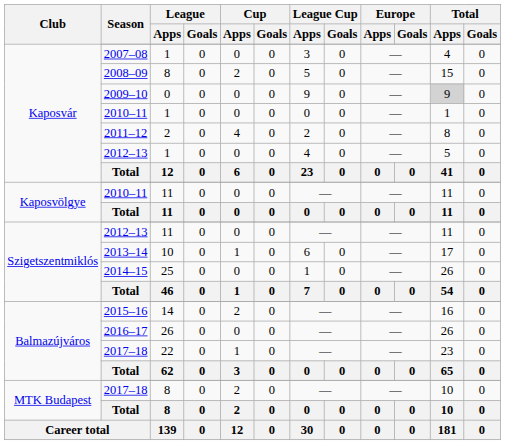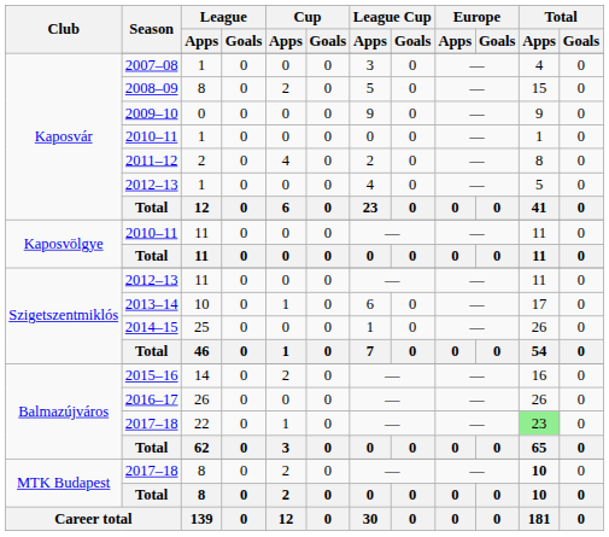 <table class="wikitable" style="text-align: center;">
 <tr>
 <th rowspan="2">Club</th>
 <th rowspan="2">Season</th>
 <th colspan="2">League</th>
 <th colspan="2">Cup</th>
 <th colspan="2">League Cup</th>
 <th colspan="2">Europe</th>
 <th colspan="2">Total</th>
 </tr>
 <tr>
 <th>Apps</th>
 <th>Goals</th>
 <th>Apps</th>
 <th>Goals</th>
 <th>Apps</th>
 <th>Goals</th>
 <th>Apps</th>
 <th>Goals</th>
 <th>Apps</th>
 <th>Goals</th>
 </tr>
 <tr>
 <td rowspan="8"><a href='#'>Kaposvár</a></td>
 </tr>
 <tr>
 <td><a href='#'>2007–08</a></td>
 <td>1</td>
 <td>0</td>
 <td>0</td>
 <td>0</td>
 <td>3</td>
 <td>0</td>
 <td colspan="2">—</td>
 <td>4</td>
 <td>0</td>
 </tr>
 <tr>
 <td><a href='#'>2008–09</a></td>
 <td>8</td>
 <td>0</td>
 <td>2</td>
 <td>0</td>
 <td>5</td>
 <td>0</td>
 <td colspan="2">—</td>
 <td>15</td>
 <td>0</td>
 </tr>
 <tr>
 <td><a href='#'>2009–10</a></td>
 <td>0</td>
 <td>0</td>
 <td>0</td>
 <td>0</td>
 <td>9</td>
 <td>0</td>
 <td colspan="2">—</td>
-<td style="background: lightgrey;">9</td>
+<td>9</td>
 <td>0</td>
 </tr>
 <tr>
 <td><a href='#'>2010–11</a></td>
 <td>1</td>
 <td>0</td>
 <td>0</td>
 <td>0</td>
 <td>0</td>
 <td>0</td>
 <td colspan="2">—</td>
 <td>1</td>
 <td>0</td>
 </tr>
 <tr>
 <td><a href='#'>2011–12</a></td>
 <td>2</td>
 <td>0</td>
 <td>4</td>
 <td>0</td>
 <td>2</td>
 <td>0</td>
 <td colspan="2">—</td>
 <td>8</td>
 <td>0</td>
 </tr>
 <tr>
 <td><a href='#'>2012–13</a></td>
 <td>1</td>
 <td>0</td>
 <td>0</td>
 <td>0</td>
 <td>4</td>
 <td>0</td>
 <td colspan="2">—</td>
 <td>5</td>
 <td>0</td>
 </tr>
 <tr>
 <th>Total</th>
 <th>12</th>
 <th>0</th>
 <th>6</th>
 <th>0</th>
 <th>23</th>
 <th>0</th>
 <th>0</th>
 <th>0</th>
 <th>41</th>
 <th>0</th>
 </tr>
 <tr>
 <td rowspan="3"><a href='#'>Kaposvölgye</a></td>
 </tr>
 <tr>
 <td><a href='#'>2010–11</a></td>
 <td>11</td>
 <td>0</td>
 <td>0</td>
 <td>0</td>
 <td colspan="2">—</td>
 <td colspan="2">—</td>
 <td>11</td>
 <td>0</td>
 </tr>
 <tr>
 <th>Total</th>
 <th>11</th>
 <th>0</th>
 <th>0</th>
 <th>0</th>
 <th>0</th>
 <th>0</th>
 <th>0</th>
 <th>0</th>
 <th>11</th>
 <th>0</th>
 </tr>
 <tr>
 <td rowspan="5"><a href='#'>Szigetszentmiklós</a></td>
 </tr>
 <tr>
 <td><a href='#'>2012–13</a></td>
 <td>11</td>
 <td>0</td>
 <td>0</td>
 <td>0</td>
 <td colspan="2">—</td>
 <td colspan="2">—</td>
 <td>11</td>
 <td>0</td>
 </tr>
 <tr>
 <td><a href='#'>2013–14</a></td>
 <td>10</td>
 <td>0</td>
 <td>1</td>
 <td>0</td>
 <td>6</td>
 <td>0</td>
 <td colspan="2">—</td>
 <td>17</td>
 <td>0</td>
 </tr>
 <tr>
 <td><a href='#'>2014–15</a></td>
 <td>25</td>
 <td>0</td>
 <td>0</td>
 <td>0</td>
 <td>1</td>
 <td>0</td>
 <td colspan="2">—</td>
 <td>26</td>
 <td>0</td>
 </tr>
 <tr>
 <th>Total</th>
 <th>46</th>
 <th>0</th>
 <th>1</th>
 <th>0</th>
 <th>7</th>
 <th>0</th>
 <th>0</th>
 <th>0</th>
 <th>54</th>
 <th>0</th>
 </tr>
 <tr>
 <td rowspan="5"><a href='#'>Balmazújváros</a></td>
 </tr>
 <tr>
 <td><a href='#'>2015–16</a></td>
 <td>14</td>
 <td>0</td>
 <td>2</td>
 <td>0</td>
 <td colspan="2">—</td>
 <td colspan="2">—</td>
 <td>16</td>
 <td>0</td>
 </tr>
 <tr>
 <td><a href='#'>2016–17</a></td>
 <td>26</td>
 <td>0</td>
 <td>0</td>
 <td>0</td>
 <td colspan="2">—</td>
 <td colspan="2">—</td>
 <td>26</td>
 <td>0</td>
 </tr>
 <tr>
 <td><a href='#'>2017–18</a></td>
 <td>22</td>
 <td>0</td>
 <td>1</td>
 <td>0</td>
 <td colspan="2">—</td>
 <td colspan="2">—</td>
-<td>23</td>
+<td style="background: lightgreen;">23</td>
 <td>0</td>
 </tr>
 <tr>
 <th>Total</th>
 <th>62</th>
 <th>0</th>
 <th>3</th>
 <th>0</th>
 <th>0</th>
 <th>0</th>
 <th>0</th>
 <th>0</th>
 <th>65</th>
 <th>0</th>
 </tr>
 <tr>
 <td rowspan="3"><a href='#'>MTK Budapest</a></td>
 </tr>
 <tr>
 <td><a href='#'>2017–18</a></td>
 <td>8</td>
 <td>0</td>
 <td>2</td>
 <td>0</td>
 <td colspan="2">—</td>
 <td colspan="2">—</td>
-<td>10</td>
+<td><strong>10</strong></td>
 <td>0</td>
 </tr>
 <tr>
 <th>Total</th>
 <th>8</th>
 <th>0</th>
 <th>2</th>
 <th>0</th>
 <th>0</th>
 <th>0</th>
 <th>0</th>
 <th>0</th>
 <th>10</th>
 <th>0</th>
 </tr>
 <tr>
 <th colspan="2">Career total</th>
 <th>139</th>
 <th>0</th>
 <th>12</th>
 <th>0</th>
 <th>30</th>
 <th>0</th>
 <th>0</th>
 <th>0</th>
 <th>181</th>
 <th>0</th>
 </tr>
 </table>
